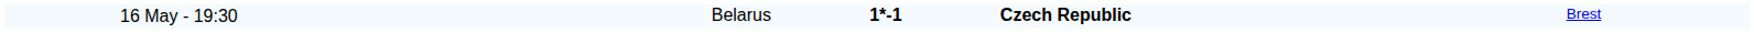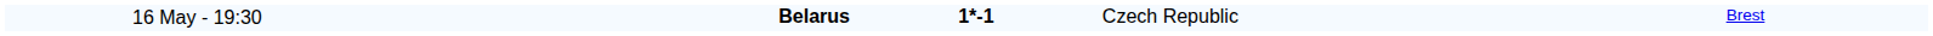 <table style="width: 100%; background:#F5FAFF;" cellspacing="0">
 <tr>
 <td align=center rowspan=3 width=20%>16 May - 19:30</td>
 </tr>
 <tr>
-<td width=24% align=right>Belarus</td>
+<td width=24% align=right><strong>Belarus</strong></td>
 <td align=center width=13%><strong>1*-1</strong></td>
-<td width=24%><strong>Czech Republic</strong></td>
+<td width=24%>Czech Republic</td>
 <td style=font-size:85% rowspan=3 valign=top align=center><a href='#'>Brest</a></td>
 </tr>
 <tr style=font-size:85%>
 <td align=right valign=top></td>
 <td></td>
 <td></td>
 </tr>
 </table>
